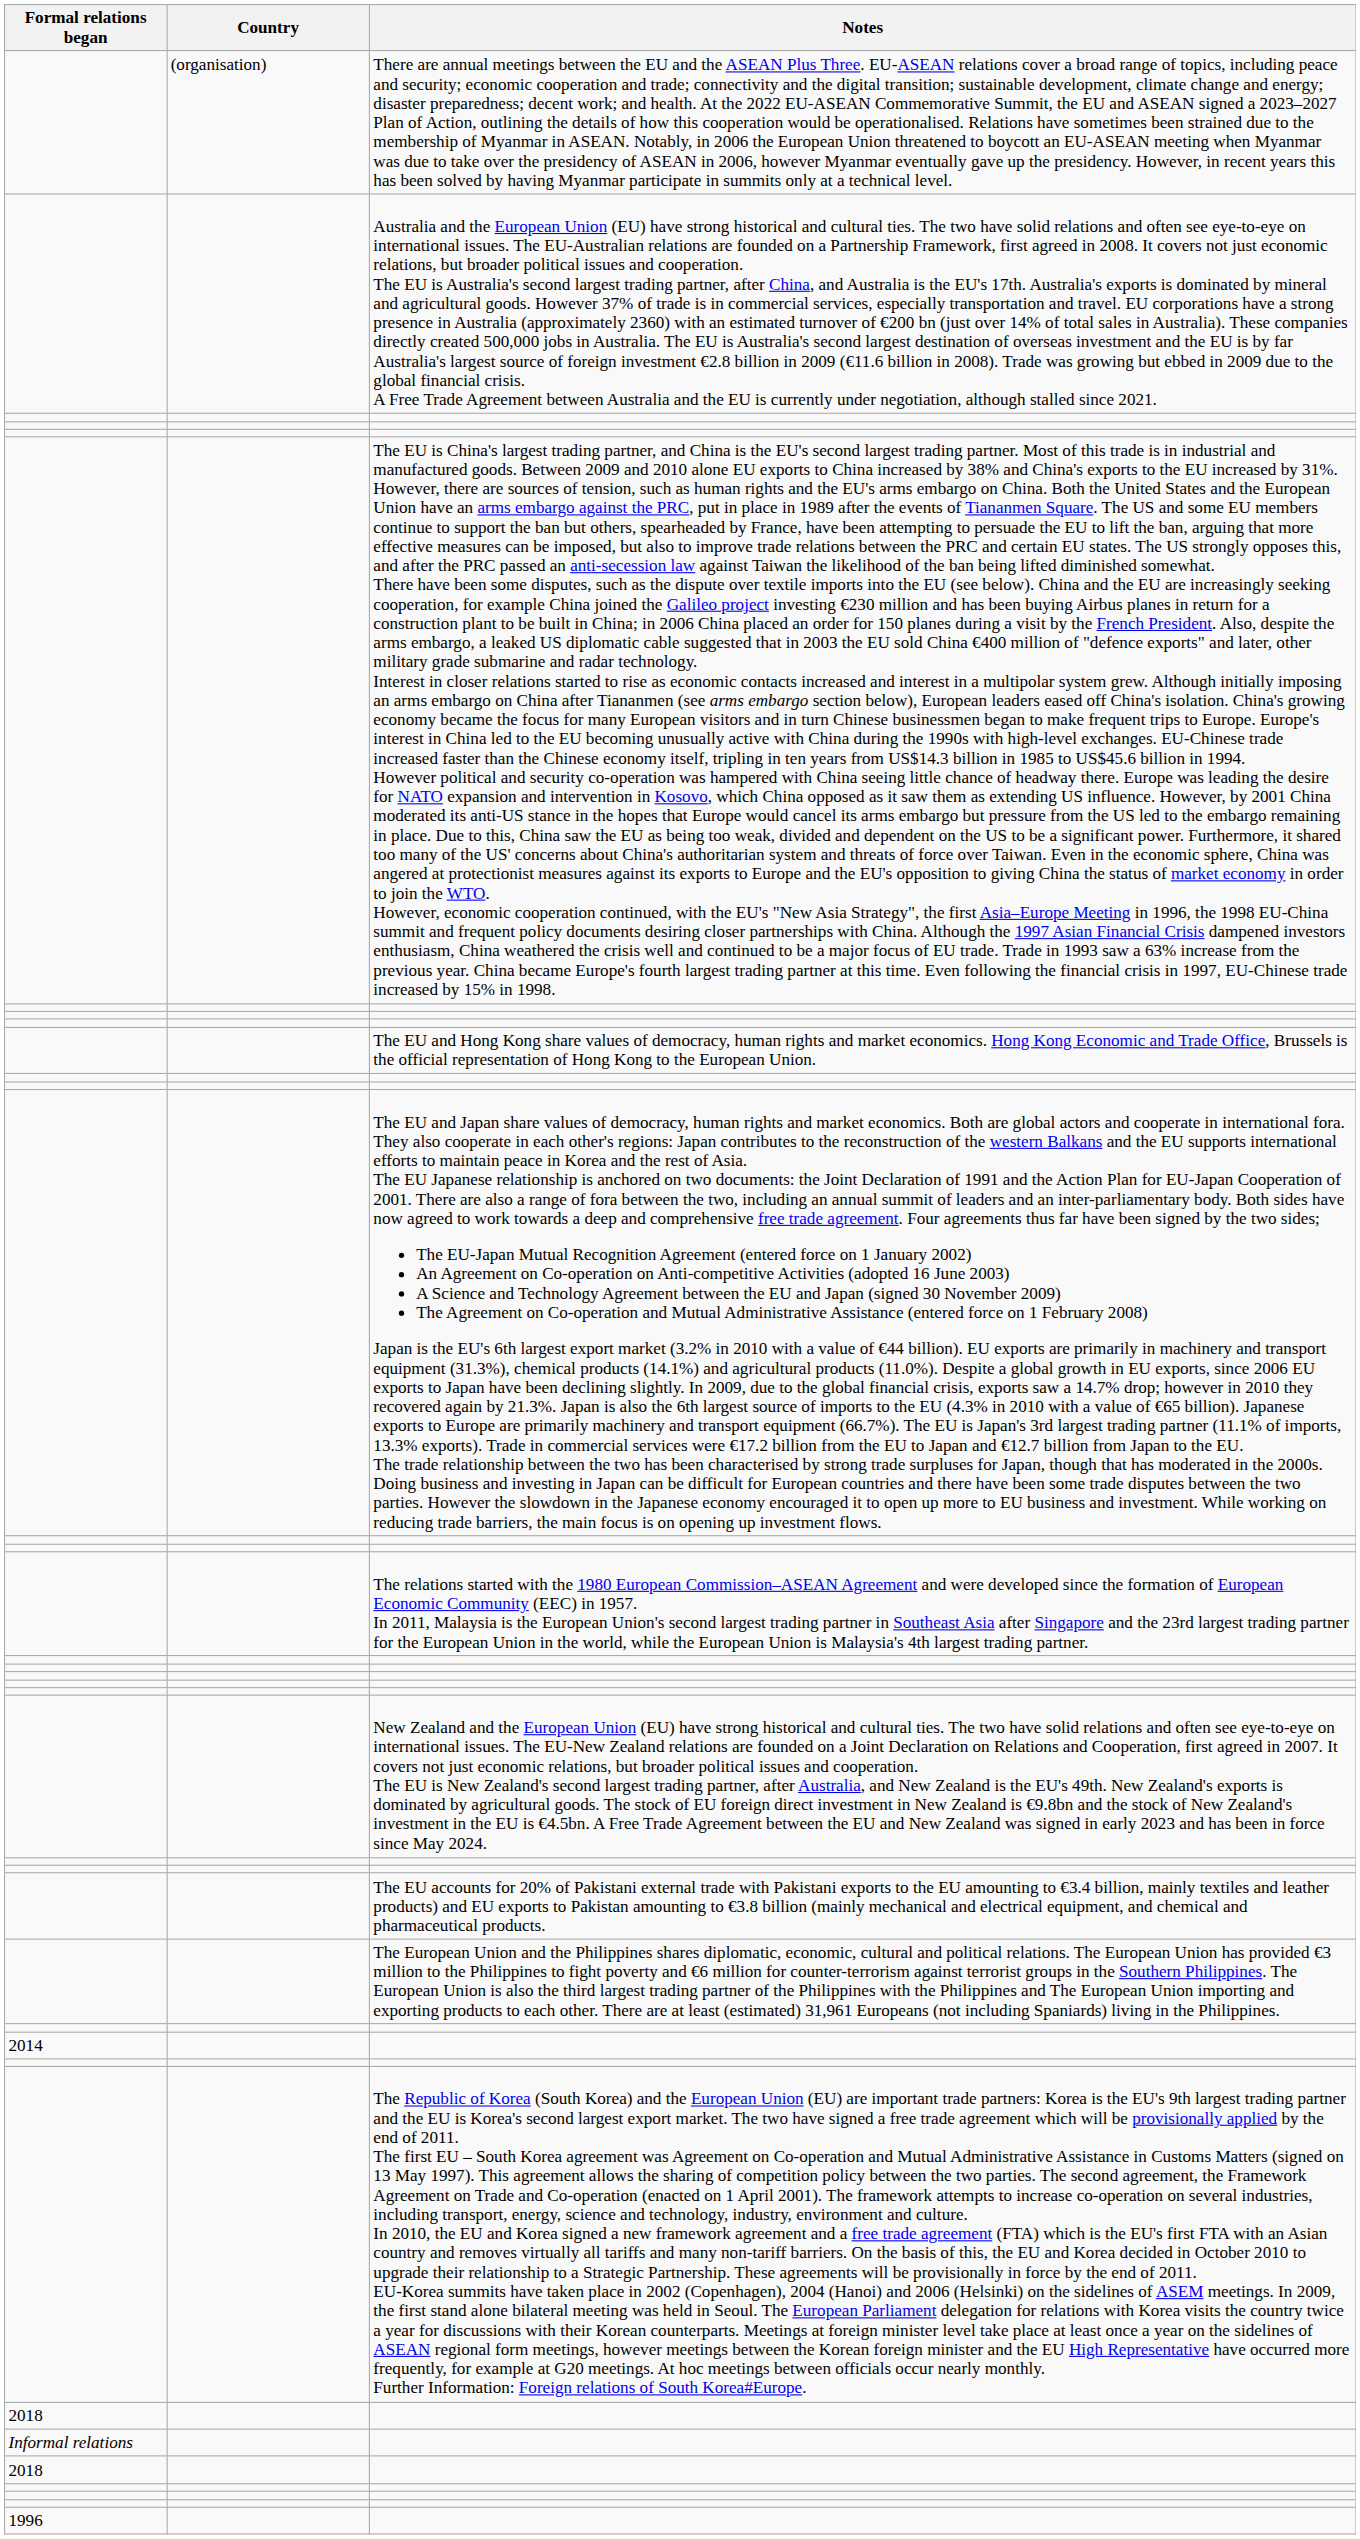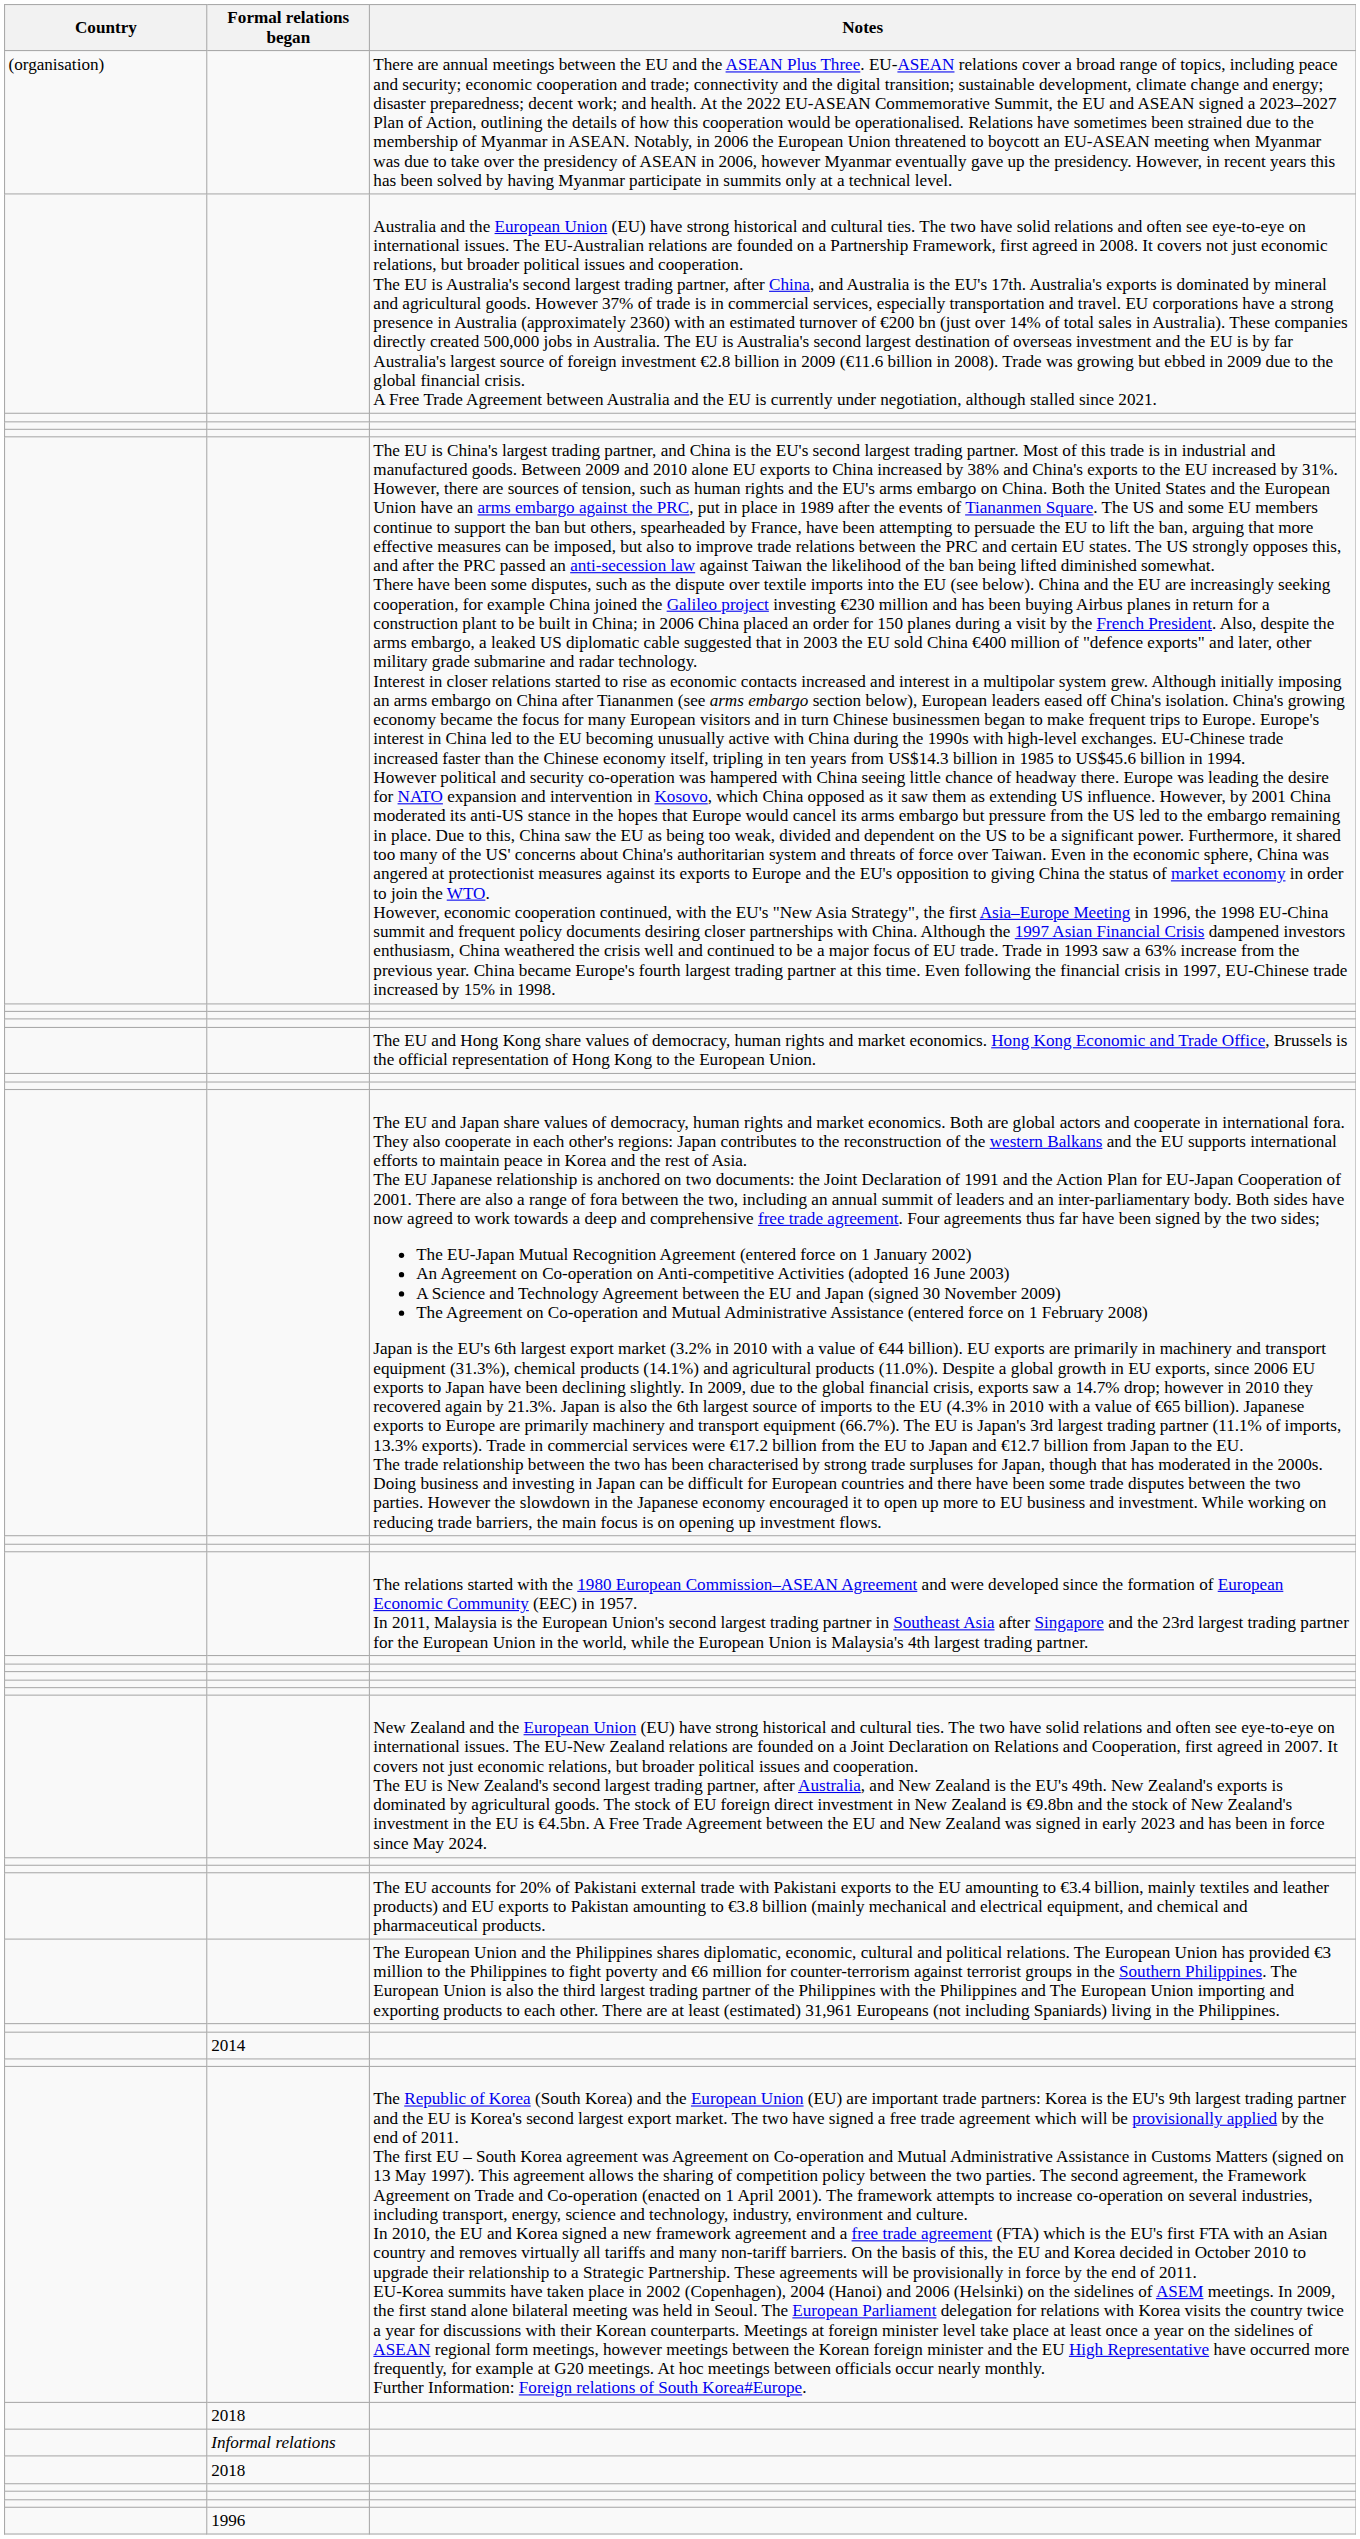 <table class="wikitable sortable" style="width:100%; margin:auto;">
 <tr>
+<th style="width:15%;">Country</th>
 <th style="width:12%;">Formal relations began</th>
-<th style="width:15%;">Country</th>
 <th>Notes</th>
 </tr>
 <tr valign="top">
+<td> (organisation)</td>
 <td></td>
-<td> (organisation)</td>
 <td> There are annual meetings between the EU and the <a href='#'>ASEAN Plus Three</a>. EU-<a href='#'>ASEAN</a> relations cover a broad range of topics, including peace and security; economic cooperation and trade; connectivity and the digital transition; sustainable development, climate change and energy; disaster preparedness; decent work; and health. At the 2022 EU-ASEAN Commemorative Summit, the EU and ASEAN signed a 2023–2027 Plan of Action, outlining the details of how this cooperation would be operationalised. Relations have sometimes been strained due to the membership of Myanmar in ASEAN. Notably, in 2006 the European Union threatened to boycott an EU-ASEAN meeting when Myanmar was due to take over the presidency of ASEAN in 2006, however Myanmar eventually gave up the presidency. However, in recent years this has been solved by having Myanmar participate in summits only at a technical level.</td>
 </tr>
 <tr valign="top">
 <td></td>
 <td></td>
 <td><br>Australia and the <a href='#'>European Union</a> (EU) have strong historical and cultural ties. The two have solid relations and often see eye-to-eye on international issues. The EU-Australian relations are founded on a Partnership Framework, first agreed in 2008. It covers not just economic relations, but broader political issues and cooperation.<br>The EU is Australia's second largest trading partner, after <a href='#'>China</a>, and Australia is the EU's 17th. Australia's exports is dominated by mineral and agricultural goods. However 37% of trade is in commercial services, especially transportation and travel. EU corporations have a strong presence in Australia (approximately 2360) with an estimated turnover of €200 bn (just over 14% of total sales in Australia). These companies directly created 500,000 jobs in Australia. The EU is Australia's second largest destination of overseas investment and the EU is by far Australia's largest source of foreign investment €2.8 billion in 2009 (€11.6 billion in 2008). Trade was growing but ebbed in 2009 due to the global financial crisis.<br>A Free Trade Agreement between Australia and the EU is currently under negotiation, although stalled  since 2021.</td>
 </tr>
 <tr valign="top">
 <td></td>
 <td></td>
 <td></td>
 </tr>
 <tr valign="top">
 <td></td>
 <td></td>
 <td></td>
 </tr>
 <tr valign="top">
 <td></td>
 <td></td>
 <td></td>
 </tr>
 <tr valign="top">
 <td></td>
 <td></td>
 <td> The EU is China's largest trading partner, and China is the EU's second largest trading partner. Most of this trade is in industrial and manufactured goods. Between 2009 and 2010 alone EU exports to China increased by 38% and China's exports to the EU increased by 31%. However, there are sources of tension, such as human rights and the EU's arms embargo on China. Both the United States and the European Union  have an <a href='#'>arms embargo against the PRC</a>, put in place in 1989 after the events of <a href='#'>Tiananmen Square</a>. The US and some EU members continue to support the ban but others, spearheaded by France, have been attempting to persuade the EU to lift the ban, arguing that more effective measures can be imposed, but also to improve trade relations between the PRC and certain EU states. The US strongly opposes this, and after the PRC passed an <a href='#'>anti-secession law</a> against Taiwan the likelihood of the ban being lifted diminished somewhat.<br>There have been some disputes, such as the dispute over textile imports into the EU (see below). China and the EU are increasingly seeking cooperation, for example China joined the <a href='#'>Galileo project</a> investing €230 million and has been buying Airbus planes in return for a construction plant to be built in China; in 2006 China placed an order for 150 planes during a visit by the <a href='#'>French President</a>. Also, despite the arms embargo, a leaked US diplomatic cable suggested that in 2003 the EU sold China €400 million of "defence exports" and later, other military grade submarine and radar technology.<br>Interest in closer relations started to rise as economic contacts increased and interest in a multipolar system grew. Although initially imposing an arms embargo on China after Tiananmen (see <em>arms embargo</em> section below), European leaders eased off China's isolation. China's growing economy became the focus for many European visitors and in turn Chinese businessmen began to make frequent trips to Europe. Europe's interest in China led to the EU becoming unusually active with China during the 1990s with high-level exchanges. EU-Chinese trade increased faster than the Chinese economy itself, tripling in ten years from US$14.3 billion in 1985 to US$45.6 billion in 1994.<br>However political and security co-operation was hampered with China seeing little chance of headway there. Europe was leading the desire for <a href='#'>NATO</a> expansion and intervention in <a href='#'>Kosovo</a>, which China opposed as it saw them as extending US influence. However, by 2001 China moderated its anti-US stance in the hopes that Europe would cancel its arms embargo but pressure from the US led to the embargo remaining in place. Due to this, China saw the EU as being too weak, divided and dependent on the US to be a significant power. Furthermore, it shared too many of the US' concerns about China's authoritarian system and threats of force over Taiwan. Even in the economic sphere, China was angered at protectionist measures against its exports to Europe and the EU's opposition to giving China the status of <a href='#'>market economy</a> in order to join the <a href='#'>WTO</a>.<br>However, economic cooperation continued, with the EU's "New Asia Strategy", the first <a href='#'>Asia–Europe Meeting</a> in 1996, the 1998 EU-China summit and frequent policy documents desiring closer partnerships with China. Although the <a href='#'>1997 Asian Financial Crisis</a> dampened investors enthusiasm, China weathered the crisis well and continued to be a major focus of EU trade. Trade in 1993 saw a 63% increase from the previous year. China became Europe's fourth largest trading partner at this time. Even following the financial crisis in 1997, EU-Chinese trade increased by 15% in 1998.</td>
 </tr>
 <tr valign="top">
 <td></td>
 <td></td>
 <td></td>
 </tr>
 <tr valign="top">
 <td></td>
 <td></td>
 <td></td>
 </tr>
 <tr valign="top">
 <td></td>
 <td></td>
 <td></td>
 </tr>
 <tr valign="top">
 <td></td>
 <td></td>
 <td>The EU and Hong Kong share values of democracy, human rights and market economics. <a href='#'>Hong Kong Economic and Trade Office</a>, Brussels is the official representation of Hong Kong to the European Union.</td>
 </tr>
 <tr valign="top">
 <td></td>
 <td></td>
 <td> </td>
 </tr>
 <tr valign="top">
 <td></td>
 <td></td>
 <td></td>
 </tr>
 <tr valign="top">
 <td></td>
 <td></td>
 <td><br>The EU and Japan share values of democracy, human rights and market economics. Both are global actors and cooperate in international fora. They also cooperate in each other's regions: Japan contributes to the reconstruction of the <a href='#'>western Balkans</a> and the EU supports international efforts to maintain peace in Korea and the rest of Asia.<br>The EU Japanese relationship is anchored on two documents: the Joint Declaration of 1991 and the Action Plan for EU-Japan Cooperation of 2001. There are also a range of fora between the two, including an annual summit of leaders and an inter-parliamentary body. Both sides have now agreed to work towards a deep and comprehensive <a href='#'>free trade agreement</a>. Four agreements thus far have been signed by the two sides;<ul><li>The EU-Japan Mutual Recognition Agreement (entered force on 1 January 2002)</li><li>An Agreement on Co-operation on Anti-competitive Activities (adopted 16 June 2003)</li><li>A Science and Technology Agreement between the EU and Japan (signed 30 November 2009)</li><li>The Agreement on Co-operation and Mutual Administrative Assistance (entered force on 1 February 2008)</li></ul>Japan is the EU's 6th largest export market (3.2% in 2010 with a value of €44 billion). EU exports are primarily in machinery and transport equipment (31.3%), chemical products (14.1%) and agricultural products (11.0%). Despite a global growth in EU exports, since 2006 EU exports to Japan have been declining slightly. In 2009, due to the global financial crisis, exports saw a 14.7% drop; however in 2010 they recovered again by 21.3%. Japan is also the 6th largest source of imports to the EU (4.3% in 2010 with a value of €65 billion). Japanese exports to Europe are primarily machinery and transport equipment (66.7%). The EU is Japan's 3rd largest trading partner (11.1% of imports, 13.3% exports). Trade in commercial services were €17.2 billion from the EU to Japan and €12.7 billion from Japan to the EU.<br>The trade relationship between the two has been characterised by strong trade surpluses for Japan, though that has moderated in the 2000s. Doing business and investing in Japan can be difficult for European countries and there have been some trade disputes between the two parties. However the slowdown in the Japanese economy encouraged it to open up more to EU business and investment. While working on reducing trade barriers, the main focus is on opening up investment flows.</td>
 </tr>
 <tr valign="top">
 <td></td>
 <td></td>
 <td></td>
 </tr>
 <tr valign="top">
 <td></td>
 <td></td>
 <td></td>
 </tr>
 <tr valign="top">
 <td></td>
 <td></td>
 <td><br>The relations started with the <a href='#'>1980 European Commission–ASEAN Agreement</a> and were developed since the formation of <a href='#'>European Economic Community</a> (EEC) in 1957.<br>In 2011, Malaysia is the European Union's second largest trading partner in <a href='#'>Southeast Asia</a> after <a href='#'>Singapore</a> and the 23rd largest trading partner for the European Union in the world, while the European Union is Malaysia's 4th largest trading partner.</td>
 </tr>
 <tr valign="top">
 <td></td>
 <td></td>
 <td></td>
 </tr>
 <tr valign="top">
 <td></td>
 <td></td>
 <td></td>
 </tr>
 <tr valign="top">
 <td></td>
 <td></td>
 <td></td>
 </tr>
 <tr valign="top">
 <td></td>
 <td></td>
 <td></td>
 </tr>
 <tr valign="top">
 <td></td>
 <td></td>
 <td></td>
 </tr>
 <tr valign="top">
 <td></td>
 <td></td>
 <td><br>New Zealand and the <a href='#'>European Union</a> (EU) have strong historical and cultural ties. The two have solid relations and often see eye-to-eye on international issues. The EU-New Zealand relations are founded on a Joint Declaration on Relations and Cooperation, first agreed in 2007. It covers not just economic relations, but broader political issues and cooperation.<br>The EU is New Zealand's second largest trading partner, after <a href='#'>Australia</a>, and New Zealand is the EU's 49th. New Zealand's exports is dominated by agricultural goods. The stock of EU foreign direct investment in New Zealand is €9.8bn and the stock of New Zealand's investment in the EU is €4.5bn. A Free Trade Agreement between the EU and New Zealand was signed in early 2023 and has been in force since May 2024.</td>
 </tr>
 <tr valign="top">
 <td></td>
 <td></td>
 <td></td>
 </tr>
 <tr valign="top">
 <td></td>
 <td></td>
 <td></td>
 </tr>
 <tr valign="top">
 <td></td>
 <td></td>
 <td> The EU accounts for 20% of Pakistani external trade with Pakistani exports to the EU amounting to €3.4 billion, mainly textiles and leather products) and EU exports to Pakistan amounting to €3.8 billion (mainly mechanical and electrical equipment, and chemical and pharmaceutical products.</td>
 </tr>
 <tr valign="top">
 <td></td>
 <td></td>
 <td> The European Union and the Philippines shares diplomatic, economic, cultural and political relations. The European Union has provided €3 million to the Philippines to fight poverty and €6 million for counter-terrorism against terrorist groups in the <a href='#'>Southern Philippines</a>. The European Union is also the third largest trading partner of the Philippines with the Philippines and The European Union importing and exporting products to each other. There are at least (estimated) 31,961 Europeans (not including Spaniards) living in the Philippines.</td>
 </tr>
 <tr valign="top">
 <td></td>
 <td></td>
 <td></td>
 </tr>
 <tr valign="top">
+<td></td>
 <td>2014</td>
-<td></td>
 <td></td>
 </tr>
 <tr valign="top">
 <td></td>
 <td></td>
 <td></td>
 </tr>
 <tr valign="top">
 <td></td>
 <td></td>
 <td><br>The <a href='#'>Republic of Korea</a> (South Korea) and the <a href='#'>European Union</a> (EU) are important trade partners: Korea is the EU's 9th largest trading partner and the EU is Korea's second largest export market. The two have signed a free trade agreement which will be <a href='#'>provisionally applied</a> by the end of 2011.<br> The first EU – South Korea agreement was Agreement on Co-operation and Mutual Administrative Assistance in Customs Matters (signed on 13 May 1997). This agreement allows the sharing of competition policy between the two parties. The second agreement, the Framework Agreement on Trade and Co-operation (enacted on 1 April 2001). The framework attempts to increase co-operation on several industries, including transport, energy, science and technology, industry, environment and culture.<br>In 2010, the EU and Korea signed a new framework agreement and a <a href='#'>free trade agreement</a> (FTA) which is the EU's first FTA with an Asian country and removes virtually all tariffs and many non-tariff barriers. On the basis of this, the EU and Korea decided in October 2010 to upgrade their relationship to a Strategic Partnership. These agreements will be provisionally in force by the end of 2011.<br>EU-Korea summits have taken place in 2002 (Copenhagen), 2004 (Hanoi) and 2006 (Helsinki) on the sidelines of <a href='#'>ASEM</a> meetings. In 2009, the first stand alone bilateral meeting was held in Seoul. The <a href='#'>European Parliament</a> delegation for relations with Korea visits the country twice a year for discussions with their Korean counterparts. Meetings at foreign minister level take place at least once a year on the sidelines of <a href='#'>ASEAN</a> regional form meetings, however meetings between the Korean foreign minister and the EU <a href='#'>High Representative</a> have occurred more frequently, for example at G20 meetings. At hoc meetings between officials occur nearly monthly.<br>Further Information: <a href='#'>Foreign relations of South Korea#Europe</a>.</td>
 </tr>
 <tr valign="top">
+<td></td>
 <td>2018</td>
-<td></td>
 <td></td>
 </tr>
 <tr valign="top">
+<td></td>
 <td><em>Informal relations</em></td>
-<td></td>
 <td></td>
 </tr>
 <tr valign="top">
+<td></td>
 <td>2018</td>
-<td></td>
 <td></td>
 </tr>
 <tr valign="top">
 <td></td>
 <td></td>
 <td></td>
 </tr>
 <tr valign="top">
 <td></td>
 <td></td>
 <td></td>
 </tr>
 <tr valign="top">
 <td></td>
 <td></td>
 <td></td>
 </tr>
 <tr valign="top">
+<td></td>
 <td>1996</td>
-<td></td>
 <td></td>
 </tr>
 </table>
